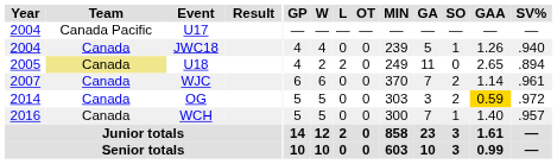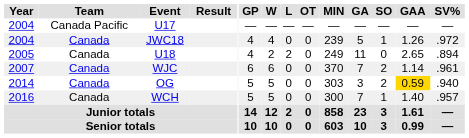 <table border="0" cellpadding="1" cellspacing="0" ID="Table3" style="text-align:center; width:40em;">
 <tr bgcolor="#e0e0e0">
 <th>Year</th>
 <th>Team</th>
 <th>Event</th>
 <th>Result</th>
 <th rowspan="99" bgcolor="#ffffff"></th>
 <th>GP</th>
 <th>W</th>
 <th>L</th>
 <th>OT</th>
 <th>MIN</th>
 <th>GA</th>
 <th>SO</th>
 <th>GAA</th>
 <th>SV%</th>
 </tr>
 <tr>
 <td><a href='#'>2004</a></td>
 <td>Canada Pacific</td>
 <td><a href='#'>U17</a></td>
 <td></td>
 <td>—</td>
 <td>—</td>
 <td>—</td>
 <td>—</td>
 <td>—</td>
 <td>—</td>
 <td>—</td>
 <td>—</td>
 <td>—</td>
 </tr>
 <tr bgcolor="#f0f0f0">
 <td><a href='#'>2004</a></td>
 <td><a href='#'>Canada</a></td>
 <td><a href='#'>JWC18</a></td>
 <td></td>
 <td>4</td>
 <td>4</td>
 <td>0</td>
 <td>0</td>
 <td>239</td>
 <td>5</td>
 <td>1</td>
 <td>1.26</td>
-<td>.940</td>
+<td>.972</td>
 </tr>
 <tr>
 <td><a href='#'>2005</a></td>
-<td style="background: khaki;">Canada</td>
+<td>Canada</td>
 <td><a href='#'>U18</a></td>
 <td></td>
 <td>4</td>
 <td>2</td>
 <td>2</td>
 <td>0</td>
 <td>249</td>
 <td>11</td>
 <td>0</td>
 <td>2.65</td>
 <td>.894</td>
 </tr>
 <tr bgcolor="#f0f0f0">
 <td><a href='#'>2007</a></td>
 <td><a href='#'>Canada</a></td>
 <td><a href='#'>WJC</a></td>
 <td></td>
 <td>6</td>
 <td>6</td>
 <td>0</td>
 <td>0</td>
 <td>370</td>
 <td>7</td>
 <td>2</td>
 <td>1.14</td>
 <td>.961</td>
 </tr>
 <tr>
 <td><a href='#'>2014</a></td>
 <td><a href='#'>Canada</a></td>
 <td><a href='#'>OG</a></td>
 <td></td>
 <td>5</td>
 <td>5</td>
 <td>0</td>
 <td>0</td>
 <td>303</td>
 <td>3</td>
 <td>2</td>
 <td style="background: gold;">0.59</td>
-<td>.972</td>
+<td>.940</td>
 </tr>
 <tr bgcolor="#f0f0f0">
 <td><a href='#'>2016</a></td>
 <td>Canada</td>
 <td><a href='#'>WCH</a></td>
 <td></td>
 <td>5</td>
 <td>5</td>
 <td>0</td>
 <td>0</td>
 <td>300</td>
 <td>7</td>
 <td>1</td>
 <td>1.40</td>
 <td>.957</td>
 </tr>
 <tr bgcolor="#e0e0e0">
 <th colspan="4">Junior totals</th>
 <th>14</th>
 <th>12</th>
 <th>2</th>
 <th>0</th>
 <th>858</th>
 <th>23</th>
 <th>3</th>
 <th>1.61</th>
 <th>—</th>
 </tr>
 <tr bgcolor="#e0e0e0">
 <th colspan="4">Senior totals</th>
 <th>10</th>
 <th>10</th>
 <th>0</th>
 <th>0</th>
 <th>603</th>
 <th>10</th>
 <th>3</th>
 <th>0.99</th>
 <th>—</th>
 </tr>
 </table>
